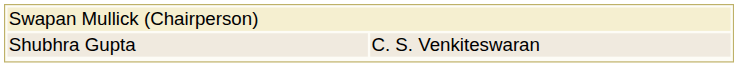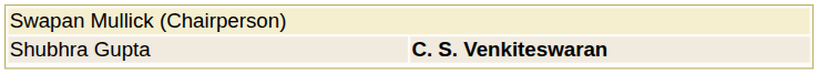 <table style="width:100%;border: 1px solid #BEB168;background-color:#FDFCF6;">
 <tr>
 <td colspan="2" style="background-color:#F5EFD0;"> Swapan Mullick (Chairperson)</td>
 </tr>
 <tr style="background-color:#F0EADF;">
 <td style="width:50%"> Shubhra Gupta</td>
-<td style="width:50%"> C. S. Venkiteswaran</td>
+<td style="width:50%"><strong> C. S. Venkiteswaran</strong></td>
 </tr>
 <tr style="vertical-align:top;">
 </tr>
 </table>
